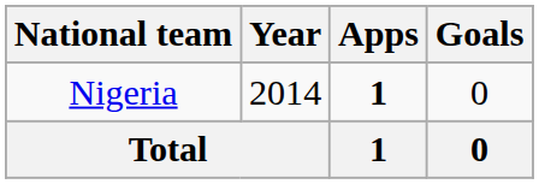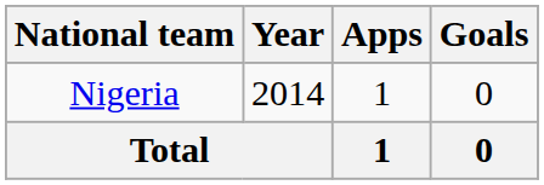 <table class="wikitable" style="text-align: center;">
 <tr>
 <th>National team</th>
 <th>Year</th>
 <th>Apps</th>
 <th>Goals</th>
 </tr>
 <tr>
 <td><a href='#'>Nigeria</a></td>
 <td>2014</td>
-<td><strong>1</strong></td>
+<td>1</td>
 <td>0</td>
 </tr>
 <tr>
 <th colspan="2">Total</th>
 <th>1</th>
 <th>0</th>
 </tr>
 </table>
